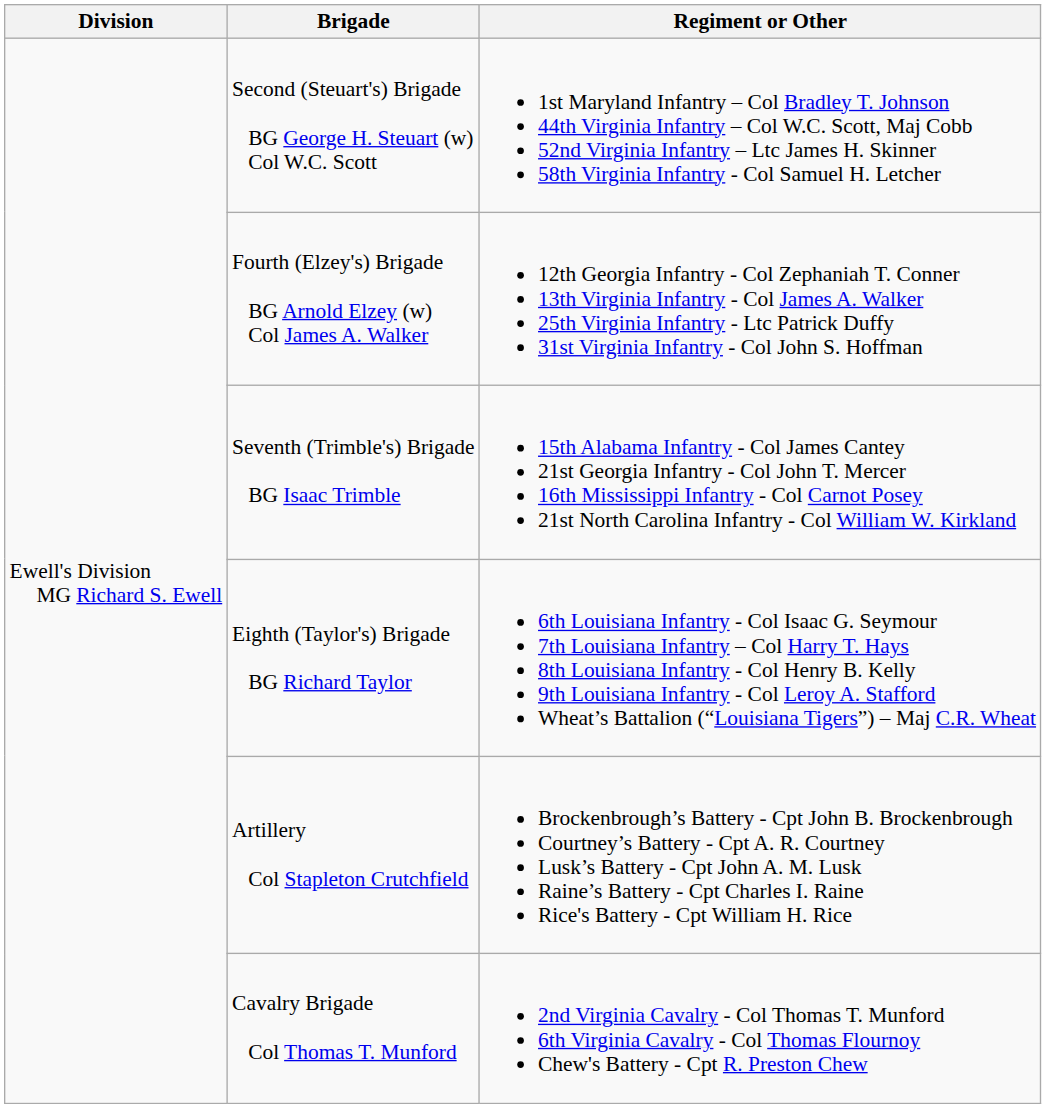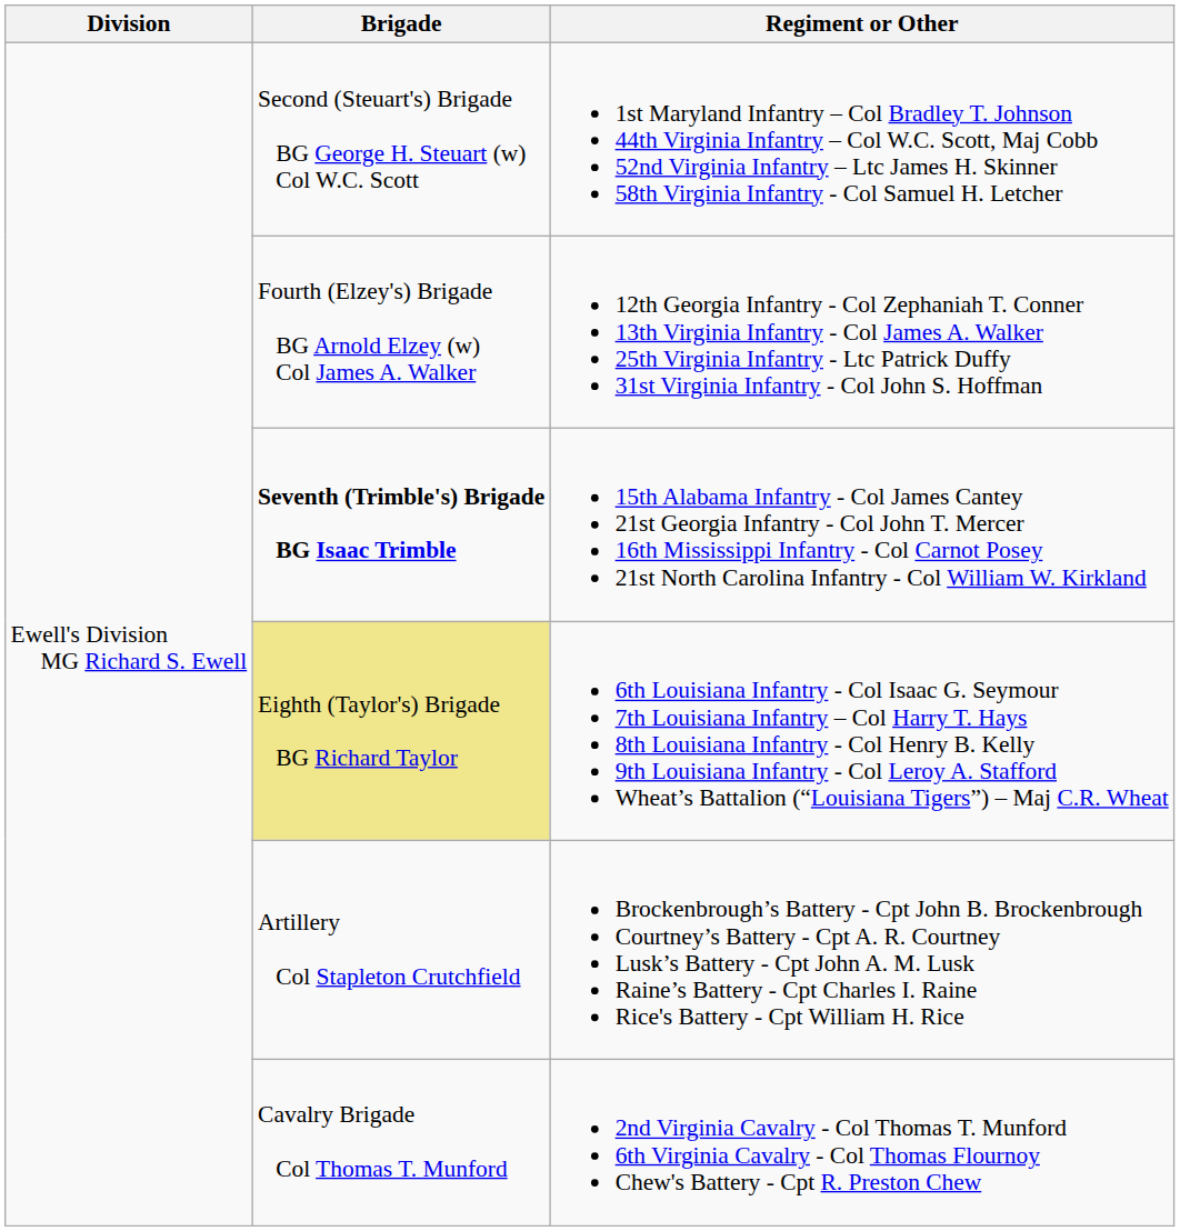 <table class="wikitable">
 <tr>
 <th>Division</th>
 <th>Brigade</th>
 <th>Regiment or Other</th>
 </tr>
 <tr>
 <td rowspan=6><br>Ewell's Division <br>     MG <a href='#'>Richard S. Ewell</a></td>
 <td>Second (Steuart's) Brigade<br><br>   BG <a href='#'>George H. Steuart</a> (w) <br>   Col W.C. Scott</td>
 <td><br><ul><li>1st Maryland Infantry – Col <a href='#'>Bradley T. Johnson</a></li><li><a href='#'>44th Virginia Infantry</a> – Col W.C. Scott, Maj Cobb</li><li><a href='#'>52nd Virginia Infantry</a> – Ltc James H. Skinner</li><li><a href='#'>58th Virginia Infantry</a> - Col Samuel H. Letcher</li></ul></td>
 </tr>
 <tr>
 <td>Fourth (Elzey's) Brigade<br><br>   BG <a href='#'>Arnold Elzey</a> (w) <br>   Col <a href='#'>James A. Walker</a></td>
 <td><br><ul><li>12th Georgia Infantry - Col Zephaniah T. Conner</li><li><a href='#'>13th Virginia Infantry</a> - Col <a href='#'>James A. Walker</a></li><li><a href='#'>25th Virginia Infantry</a> - Ltc Patrick Duffy</li><li><a href='#'>31st Virginia Infantry</a> - Col John S. Hoffman</li></ul></td>
 </tr>
 <tr>
-<td>Seventh (Trimble's) Brigade<br><br>   BG <a href='#'>Isaac Trimble</a></td>
+<td><strong>Seventh (Trimble's) Brigade<br><br>   BG <a href='#'>Isaac Trimble</a></strong></td>
 <td><br><ul><li><a href='#'>15th Alabama Infantry</a> - Col James Cantey</li><li>21st Georgia Infantry - Col John T. Mercer</li><li><a href='#'>16th Mississippi Infantry</a> - Col <a href='#'>Carnot Posey</a></li><li>21st North Carolina Infantry - Col <a href='#'>William W. Kirkland</a></li></ul></td>
 </tr>
 <tr>
-<td>Eighth (Taylor's) Brigade<br><br>   BG <a href='#'>Richard Taylor</a></td>
+<td style="background: khaki;">Eighth (Taylor's) Brigade<br><br>   BG <a href='#'>Richard Taylor</a></td>
 <td><br><ul><li><a href='#'>6th Louisiana Infantry</a> - Col Isaac G. Seymour</li><li><a href='#'>7th Louisiana Infantry</a> – Col <a href='#'>Harry T. Hays</a></li><li><a href='#'>8th Louisiana Infantry</a> - Col Henry B. Kelly</li><li><a href='#'>9th Louisiana Infantry</a> - Col <a href='#'>Leroy A. Stafford</a></li><li>Wheat’s Battalion (“<a href='#'>Louisiana Tigers</a>”) – Maj <a href='#'>C.R. Wheat</a></li></ul></td>
 </tr>
 <tr>
 <td>Artillery<br><br>   Col <a href='#'>Stapleton Crutchfield</a></td>
 <td><br><ul><li>Brockenbrough’s Battery - Cpt John B. Brockenbrough</li><li>Courtney’s Battery - Cpt A. R. Courtney</li><li>Lusk’s Battery - Cpt John A. M. Lusk</li><li>Raine’s Battery - Cpt Charles I. Raine</li><li>Rice's Battery - Cpt William H. Rice</li></ul></td>
 </tr>
 <tr>
 <td>Cavalry Brigade<br><br>   Col <a href='#'>Thomas T. Munford</a></td>
 <td><br><ul><li><a href='#'>2nd Virginia Cavalry</a> - Col Thomas T. Munford</li><li><a href='#'>6th Virginia Cavalry</a> - Col <a href='#'>Thomas Flournoy</a></li><li>Chew's Battery - Cpt <a href='#'>R. Preston Chew</a></li></ul></td>
 </tr>
 </table>
